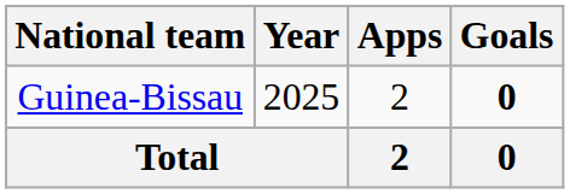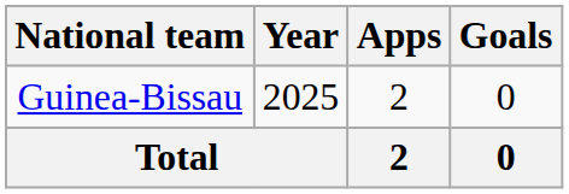 <table class="wikitable" style="text-align:center">
 <tr>
 <th>National team</th>
 <th>Year</th>
 <th>Apps</th>
 <th>Goals</th>
 </tr>
 <tr>
 <td rowspan="1"><a href='#'>Guinea-Bissau</a></td>
 <td>2025</td>
 <td>2</td>
-<td><strong>0</strong></td>
+<td>0</td>
 </tr>
 <tr>
 <th colspan="2">Total</th>
 <th>2</th>
 <th>0</th>
 </tr>
 </table>
